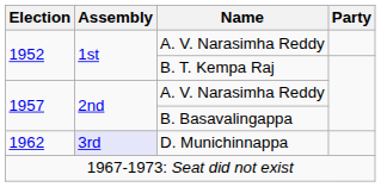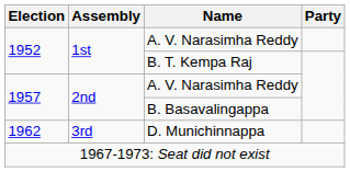 <table class="wikitable sortable">
 <tr>
 <th>Election</th>
 <th>Assembly</th>
 <th>Name</th>
 <th colspan=2>Party</th>
 </tr>
 <tr>
 <td rowspan="2"><a href='#'>1952</a></td>
 <td rowspan="2"><a href='#'>1st</a></td>
 <td>A. V. Narasimha Reddy</td>
 <td></td>
 </tr>
 <tr>
 <td>B. T. Kempa Raj</td>
 </tr>
 <tr>
 <td rowspan="2"><a href='#'>1957</a></td>
 <td rowspan="2"><a href='#'>2nd</a></td>
 <td>A. V. Narasimha Reddy</td>
 </tr>
 <tr>
 <td>B. Basavalingappa</td>
 </tr>
 <tr>
 <td><a href='#'>1962</a></td>
-<td style="background: lavender;"><a href='#'>3rd</a></td>
+<td><a href='#'>3rd</a></td>
 <td>D. Munichinnappa</td>
 <td></td>
 </tr>
 <tr style="text-align:center">
 <td colspan="5">1967-1973: <em>Seat did not exist</em></td>
 </tr>
 </table>
